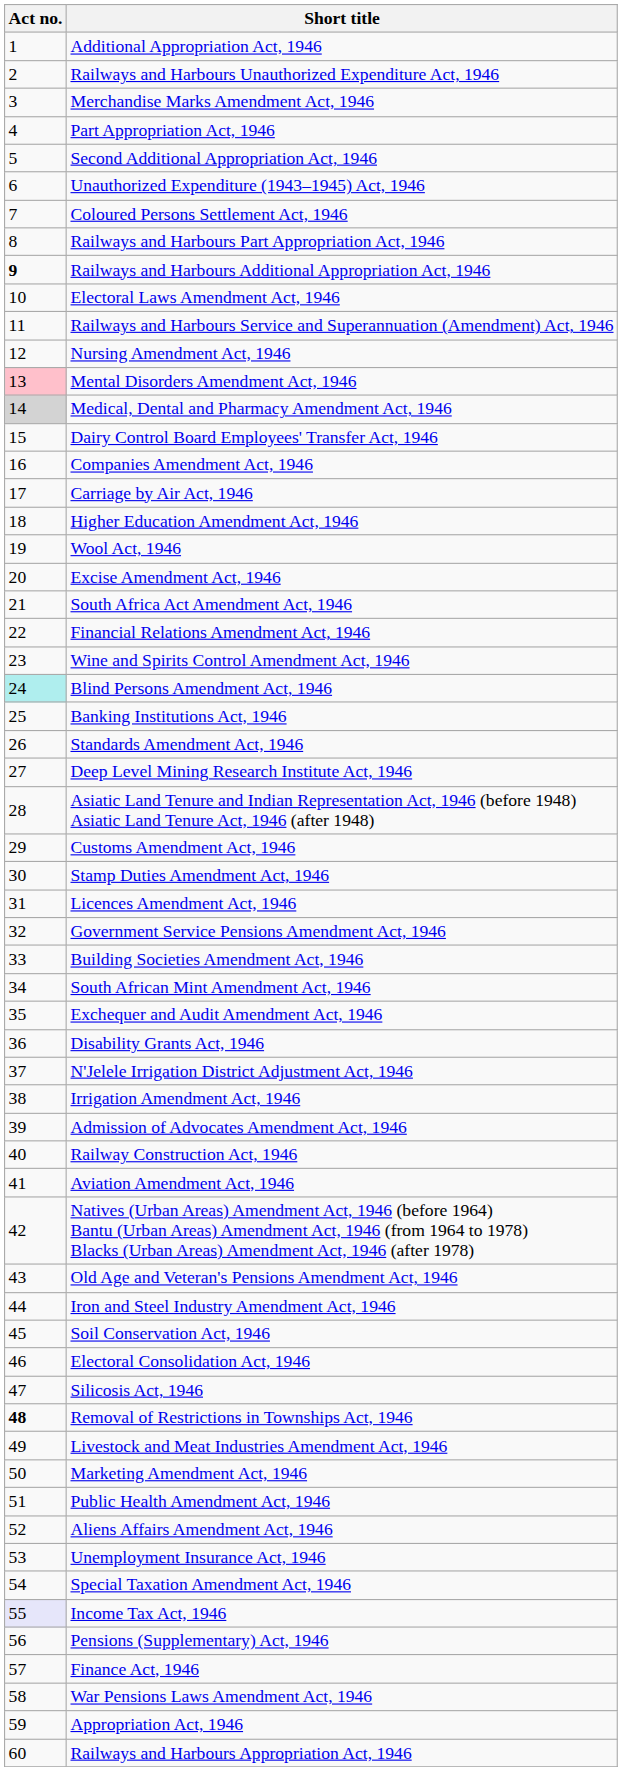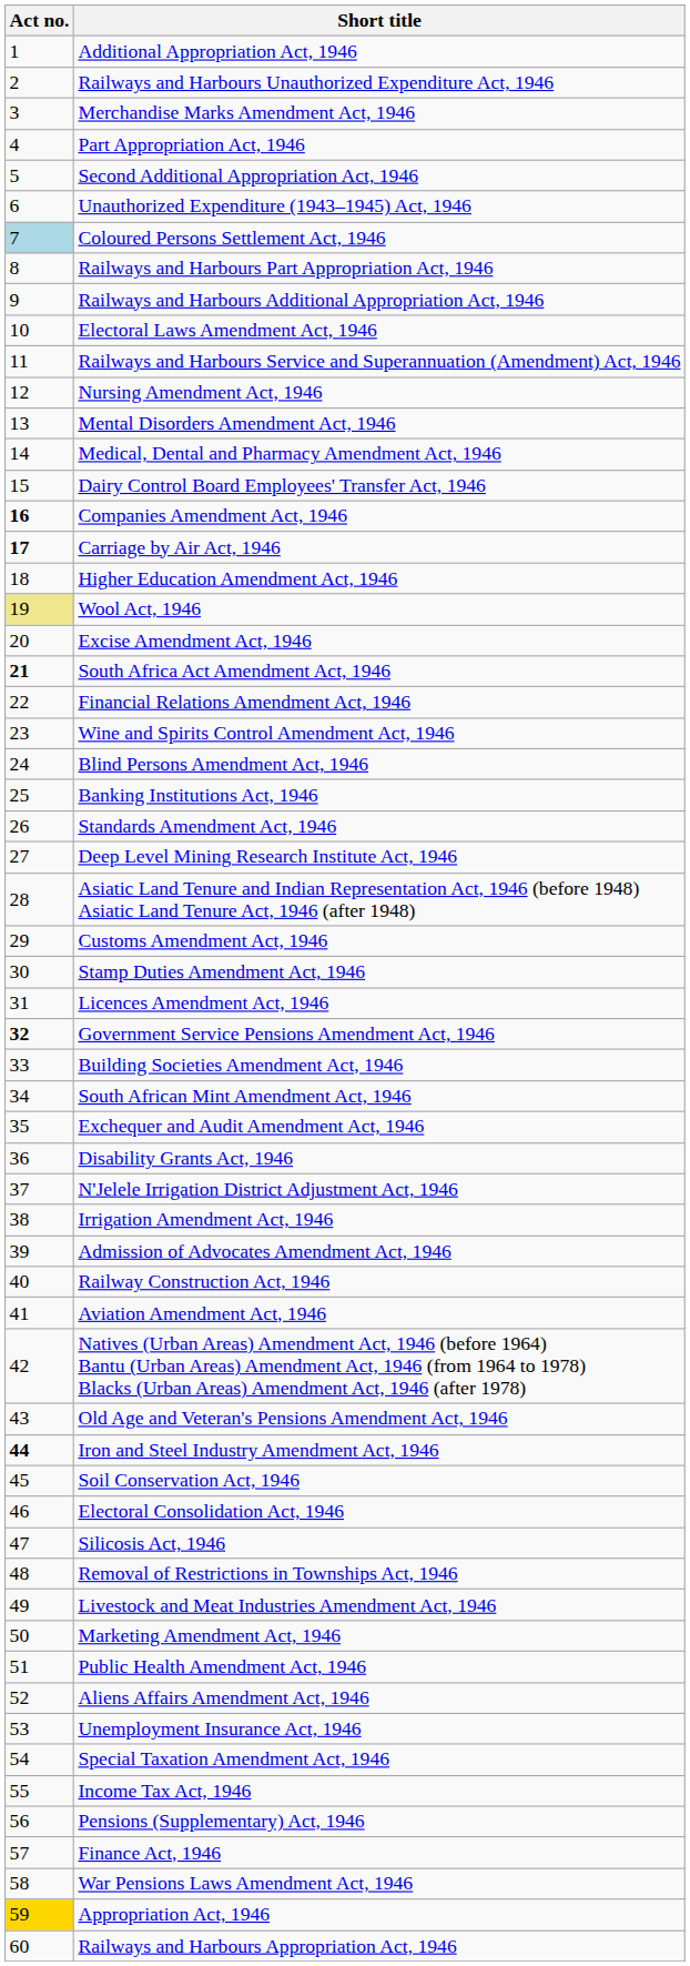 <table class="wikitable sortable">
 <tr>
 <th>Act no.</th>
 <th>Short title</th>
 </tr>
 <tr>
 <td>1</td>
 <td><a href='#'>Additional Appropriation Act, 1946</a></td>
 </tr>
 <tr>
 <td>2</td>
 <td><a href='#'>Railways and Harbours Unauthorized Expenditure Act, 1946</a></td>
 </tr>
 <tr>
 <td>3</td>
 <td><a href='#'>Merchandise Marks Amendment Act, 1946</a></td>
 </tr>
 <tr>
 <td>4</td>
 <td><a href='#'>Part Appropriation Act, 1946</a></td>
 </tr>
 <tr>
 <td>5</td>
 <td><a href='#'>Second Additional Appropriation Act, 1946</a></td>
 </tr>
 <tr>
 <td>6</td>
 <td><a href='#'>Unauthorized Expenditure (1943–1945) Act, 1946</a></td>
 </tr>
 <tr>
-<td>7</td>
+<td style="background: lightblue;">7</td>
 <td><a href='#'>Coloured Persons Settlement Act, 1946</a></td>
 </tr>
 <tr>
 <td>8</td>
 <td><a href='#'>Railways and Harbours Part Appropriation Act, 1946</a></td>
 </tr>
 <tr>
-<td><strong>9</strong></td>
+<td>9</td>
 <td><a href='#'>Railways and Harbours Additional Appropriation Act, 1946</a></td>
 </tr>
 <tr>
 <td>10</td>
 <td><a href='#'>Electoral Laws Amendment Act, 1946</a></td>
 </tr>
 <tr>
 <td>11</td>
 <td><a href='#'>Railways and Harbours Service and Superannuation (Amendment) Act, 1946</a></td>
 </tr>
 <tr>
 <td>12</td>
 <td><a href='#'>Nursing Amendment Act, 1946</a></td>
 </tr>
 <tr>
-<td style="background: pink;">13</td>
+<td>13</td>
 <td><a href='#'>Mental Disorders Amendment Act, 1946</a></td>
 </tr>
 <tr>
-<td style="background: lightgrey;">14</td>
+<td>14</td>
 <td><a href='#'>Medical, Dental and Pharmacy Amendment Act, 1946</a></td>
 </tr>
 <tr>
 <td>15</td>
 <td><a href='#'>Dairy Control Board Employees' Transfer Act, 1946</a></td>
 </tr>
 <tr>
-<td>16</td>
+<td><strong>16</strong></td>
 <td><a href='#'>Companies Amendment Act, 1946</a></td>
 </tr>
 <tr>
-<td>17</td>
+<td><strong>17</strong></td>
 <td><a href='#'>Carriage by Air Act, 1946</a></td>
 </tr>
 <tr>
 <td>18</td>
 <td><a href='#'>Higher Education Amendment Act, 1946</a></td>
 </tr>
 <tr>
-<td>19</td>
+<td style="background: khaki;">19</td>
 <td><a href='#'>Wool Act, 1946</a></td>
 </tr>
 <tr>
 <td>20</td>
 <td><a href='#'>Excise Amendment Act, 1946</a></td>
 </tr>
 <tr>
-<td>21</td>
+<td><strong>21</strong></td>
 <td><a href='#'>South Africa Act Amendment Act, 1946</a></td>
 </tr>
 <tr>
 <td>22</td>
 <td><a href='#'>Financial Relations Amendment Act, 1946</a></td>
 </tr>
 <tr>
 <td>23</td>
 <td><a href='#'>Wine and Spirits Control Amendment Act, 1946</a></td>
 </tr>
 <tr>
-<td style="background: paleturquoise;">24</td>
+<td>24</td>
 <td><a href='#'>Blind Persons Amendment Act, 1946</a></td>
 </tr>
 <tr>
 <td>25</td>
 <td><a href='#'>Banking Institutions Act, 1946</a></td>
 </tr>
 <tr>
 <td>26</td>
 <td><a href='#'>Standards Amendment Act, 1946</a></td>
 </tr>
 <tr>
 <td>27</td>
 <td><a href='#'>Deep Level Mining Research Institute Act, 1946</a></td>
 </tr>
 <tr>
 <td>28</td>
 <td><a href='#'>Asiatic Land Tenure and Indian Representation Act, 1946</a> (before 1948) <br><a href='#'>Asiatic Land Tenure Act, 1946</a> (after 1948)</td>
 </tr>
 <tr>
 <td>29</td>
 <td><a href='#'>Customs Amendment Act, 1946</a></td>
 </tr>
 <tr>
 <td>30</td>
 <td><a href='#'>Stamp Duties Amendment Act, 1946</a></td>
 </tr>
 <tr>
 <td>31</td>
 <td><a href='#'>Licences Amendment Act, 1946</a></td>
 </tr>
 <tr>
-<td>32</td>
+<td><strong>32</strong></td>
 <td><a href='#'>Government Service Pensions Amendment Act, 1946</a></td>
 </tr>
 <tr>
 <td>33</td>
 <td><a href='#'>Building Societies Amendment Act, 1946</a></td>
 </tr>
 <tr>
 <td>34</td>
 <td><a href='#'>South African Mint Amendment Act, 1946</a></td>
 </tr>
 <tr>
 <td>35</td>
 <td><a href='#'>Exchequer and Audit Amendment Act, 1946</a></td>
 </tr>
 <tr>
 <td>36</td>
 <td><a href='#'>Disability Grants Act, 1946</a></td>
 </tr>
 <tr>
 <td>37</td>
 <td><a href='#'>N'Jelele Irrigation District Adjustment Act, 1946</a></td>
 </tr>
 <tr>
 <td>38</td>
 <td><a href='#'>Irrigation Amendment Act, 1946</a></td>
 </tr>
 <tr>
 <td>39</td>
 <td><a href='#'>Admission of Advocates Amendment Act, 1946</a></td>
 </tr>
 <tr>
 <td>40</td>
 <td><a href='#'>Railway Construction Act, 1946</a></td>
 </tr>
 <tr>
 <td>41</td>
 <td><a href='#'>Aviation Amendment Act, 1946</a></td>
 </tr>
 <tr>
 <td>42</td>
 <td><a href='#'>Natives (Urban Areas) Amendment Act, 1946</a> (before 1964) <br><a href='#'>Bantu (Urban Areas) Amendment Act, 1946</a> (from 1964 to 1978) <br><a href='#'>Blacks (Urban Areas) Amendment Act, 1946</a> (after 1978)</td>
 </tr>
 <tr>
 <td>43</td>
 <td><a href='#'>Old Age and Veteran's Pensions Amendment Act, 1946</a></td>
 </tr>
 <tr>
-<td>44</td>
+<td><strong>44</strong></td>
 <td><a href='#'>Iron and Steel Industry Amendment Act, 1946</a></td>
 </tr>
 <tr>
 <td>45</td>
 <td><a href='#'>Soil Conservation Act, 1946</a></td>
 </tr>
 <tr>
 <td>46</td>
 <td><a href='#'>Electoral Consolidation Act, 1946</a></td>
 </tr>
 <tr>
 <td>47</td>
 <td><a href='#'>Silicosis Act, 1946</a></td>
 </tr>
 <tr>
-<td><strong>48</strong></td>
+<td>48</td>
 <td><a href='#'>Removal of Restrictions in Townships Act, 1946</a></td>
 </tr>
 <tr>
 <td>49</td>
 <td><a href='#'>Livestock and Meat Industries Amendment Act, 1946</a></td>
 </tr>
 <tr>
 <td>50</td>
 <td><a href='#'>Marketing Amendment Act, 1946</a></td>
 </tr>
 <tr>
 <td>51</td>
 <td><a href='#'>Public Health Amendment Act, 1946</a></td>
 </tr>
 <tr>
 <td>52</td>
 <td><a href='#'>Aliens Affairs Amendment Act, 1946</a></td>
 </tr>
 <tr>
 <td>53</td>
 <td><a href='#'>Unemployment Insurance Act, 1946</a></td>
 </tr>
 <tr>
 <td>54</td>
 <td><a href='#'>Special Taxation Amendment Act, 1946</a></td>
 </tr>
 <tr>
-<td style="background: lavender;">55</td>
+<td>55</td>
 <td><a href='#'>Income Tax Act, 1946</a></td>
 </tr>
 <tr>
 <td>56</td>
 <td><a href='#'>Pensions (Supplementary) Act, 1946</a></td>
 </tr>
 <tr>
 <td>57</td>
 <td><a href='#'>Finance Act, 1946</a></td>
 </tr>
 <tr>
 <td>58</td>
 <td><a href='#'>War Pensions Laws Amendment Act, 1946</a></td>
 </tr>
 <tr>
-<td>59</td>
+<td style="background: gold;">59</td>
 <td><a href='#'>Appropriation Act, 1946</a></td>
 </tr>
 <tr>
 <td>60</td>
 <td><a href='#'>Railways and Harbours Appropriation Act, 1946</a></td>
 </tr>
 </table>
